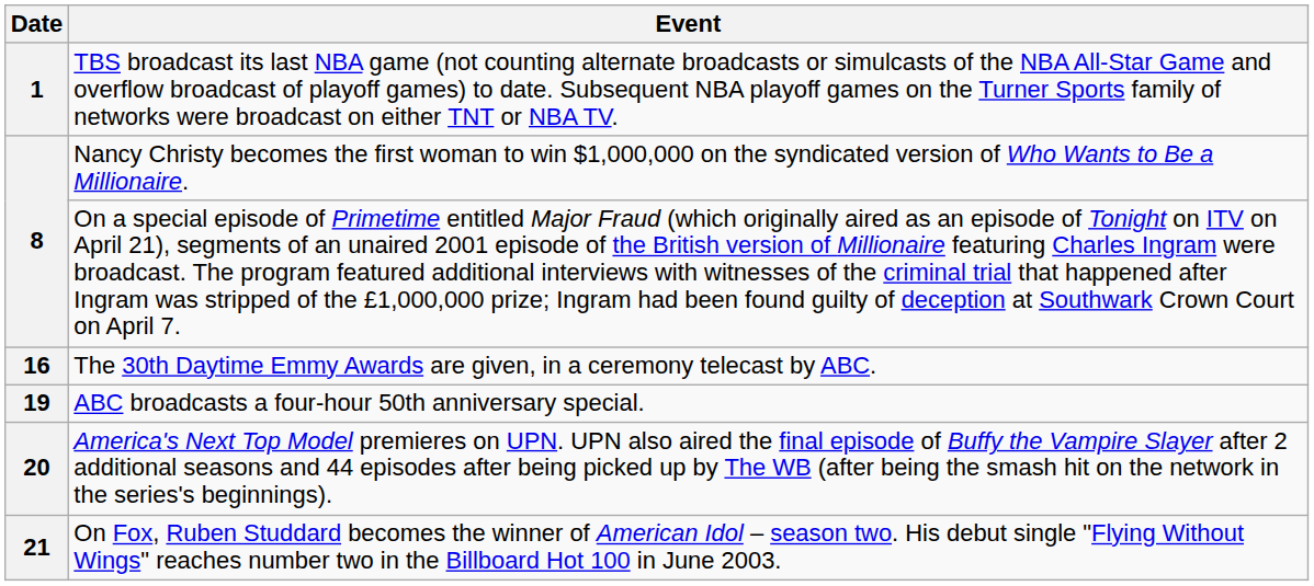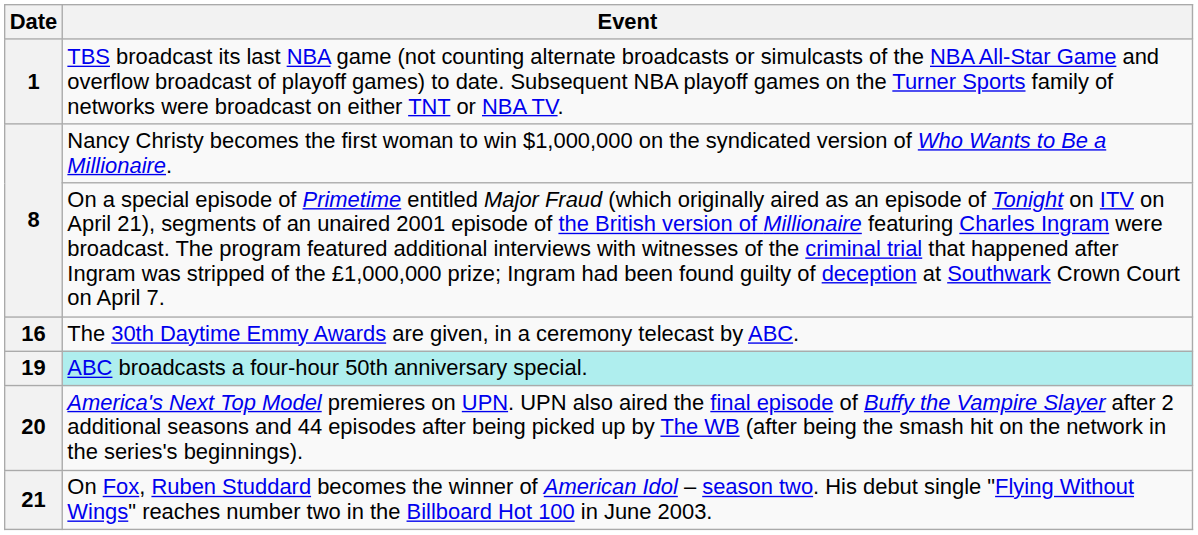 <table class="wikitable">
 <tr>
 <th>Date</th>
 <th>Event</th>
 </tr>
 <tr>
 <th>1</th>
 <td><a href='#'>TBS</a> broadcast its last <a href='#'>NBA</a> game (not counting alternate broadcasts or simulcasts of the <a href='#'>NBA All-Star Game</a> and overflow broadcast of playoff games) to date. Subsequent NBA playoff games on the <a href='#'>Turner Sports</a> family of networks were broadcast on either <a href='#'>TNT</a> or <a href='#'>NBA TV</a>.</td>
 </tr>
 <tr>
 <th rowspan="2">8</th>
 <td>Nancy Christy becomes the first woman to win $1,000,000 on the syndicated version of <em><a href='#'>Who Wants to Be a Millionaire</a></em>.</td>
 </tr>
 <tr>
 <td>On a special episode of <em><a href='#'>Primetime</a></em> entitled <em>Major Fraud</em> (which originally aired as an episode of <em><a href='#'>Tonight</a></em> on <a href='#'>ITV</a> on April 21), segments of an unaired 2001 episode of <a href='#'>the British version of <em>Millionaire</em></a> featuring <a href='#'>Charles Ingram</a> were broadcast. The program featured additional interviews with witnesses of the <a href='#'>criminal trial</a> that happened after Ingram was stripped of the £1,000,000 prize; Ingram had been found guilty of <a href='#'>deception</a> at <a href='#'>Southwark</a> Crown Court on April 7.</td>
 </tr>
 <tr>
 <th>16</th>
 <td>The <a href='#'>30th Daytime Emmy Awards</a> are given, in a ceremony telecast by <a href='#'>ABC</a>.</td>
 </tr>
 <tr>
 <th>19</th>
-<td><a href='#'>ABC</a> broadcasts a four-hour 50th anniversary special.</td>
+<td style="background: paleturquoise;"><a href='#'>ABC</a> broadcasts a four-hour 50th anniversary special.</td>
 </tr>
 <tr>
 <th>20</th>
 <td><em><a href='#'>America's Next Top Model</a></em> premieres on <a href='#'>UPN</a>. UPN also aired the <a href='#'>final episode</a> of <em><a href='#'>Buffy the Vampire Slayer</a></em> after 2 additional seasons and 44 episodes after being picked up by <a href='#'>The WB</a> (after being the smash hit on the network in the series's beginnings).</td>
 </tr>
 <tr>
 <th>21</th>
 <td>On <a href='#'>Fox</a>, <a href='#'>Ruben Studdard</a> becomes the winner of <em><a href='#'>American Idol</a></em> – <a href='#'>season two</a>. His debut single "<a href='#'>Flying Without Wings</a>" reaches number two in the <a href='#'>Billboard Hot 100</a> in June 2003.</td>
 </tr>
 </table>
